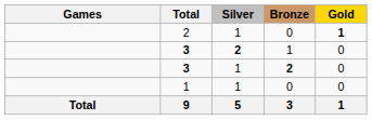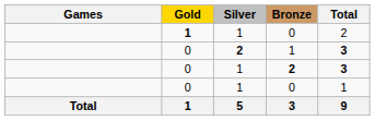 <table class="wikitable" style="text-align:center; font-size:90%;">
 <tr>
 <th style="width:13em;">Games</th>
-<th style="width:4em;">Total</th>
+<th style="width:4em; background:gold;">Gold</th>
 <th style="width:4em; background:silver;">Silver</th>
 <th style="width:4em; background:#cc9966;">Bronze</th>
-<th style="width:4em; background:gold;">Gold</th>
+<th style="width:4em;">Total</th>
 </tr>
 <tr>
 <td align=left></td>
-<td>2</td>
+<td><strong>1</strong></td>
 <td>1</td>
 <td>0</td>
-<td><strong>1</strong></td>
+<td>2</td>
 </tr>
 <tr>
 <td align=left></td>
-<td><strong>3</strong></td>
+<td>0</td>
 <td><strong>2</strong></td>
 <td>1</td>
-<td>0</td>
+<td><strong>3</strong></td>
 </tr>
 <tr>
 <td align=left></td>
-<td><strong>3</strong></td>
+<td>0</td>
 <td>1</td>
 <td><strong>2</strong></td>
-<td>0</td>
+<td><strong>3</strong></td>
 </tr>
 <tr>
 <td align=left></td>
-<td>1</td>
+<td>0</td>
 <td>1</td>
 <td>0</td>
-<td>0</td>
+<td>1</td>
 </tr>
 <tr>
 <th>Total</th>
-<th>9</th>
+<th>1</th>
 <th>5</th>
 <th>3</th>
-<th>1</th>
+<th>9</th>
 </tr>
 </table>
